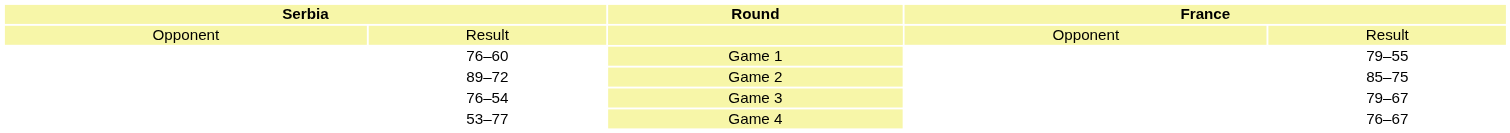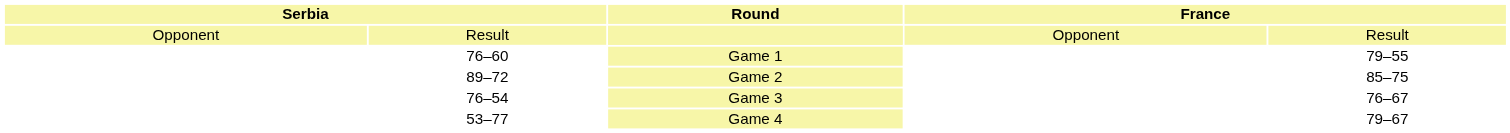 <table width="100%" style="text-align:center">
 <tr valign=top bgcolor=#F7F6A8>
 <th colspan=2>Serbia</th>
 <th>Round</th>
 <th colspan=2>France</th>
 </tr>
 <tr valign=top bgcolor=#F7F6A8>
 <td>Opponent</td>
 <td>Result</td>
 <td bgcolor=#F7F6A8></td>
 <td>Opponent</td>
 <td>Result</td>
 </tr>
 <tr>
 <td align=left></td>
 <td>76–60</td>
 <td bgcolor=#F7F6A8>Game 1</td>
 <td align=left></td>
 <td>79–55</td>
 </tr>
 <tr>
 <td align=left></td>
 <td>89–72</td>
 <td bgcolor=#F7F6A8>Game 2</td>
 <td align=left></td>
 <td>85–75</td>
 </tr>
 <tr>
 <td align=left></td>
 <td>76–54</td>
 <td bgcolor=#F7F6A8>Game 3</td>
 <td align=left></td>
-<td>79–67</td>
+<td>76–67</td>
 </tr>
 <tr>
 <td align=left></td>
 <td>53–77</td>
 <td bgcolor=#F7F6A8>Game 4</td>
 <td align=left></td>
-<td>76–67</td>
+<td>79–67</td>
 </tr>
 <tr>
 <td colspan="2" align=center><br>     </td>
 </tr>
 </table>
